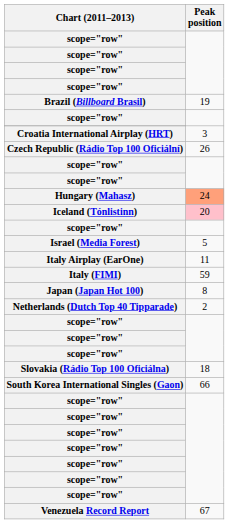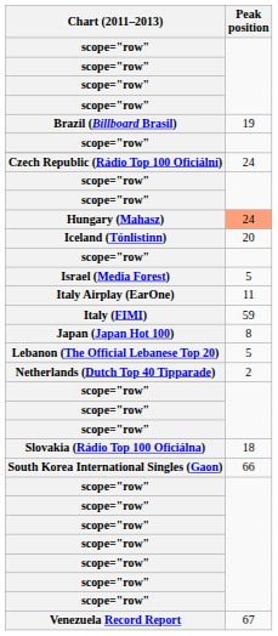 <table class="wikitable sortable plainrowheaders">
 <tr>
 <th scope="col">Chart (2011–2013)</th>
 <th scope="col">Peak<br>position</th>
 </tr>
 <tr>
 <th>scope="row"</th>
 </tr>
 <tr>
 <th>scope="row"</th>
 </tr>
 <tr>
 <th>scope="row"</th>
 </tr>
 <tr>
 <th>scope="row"</th>
 </tr>
 <tr>
 <th scope="row">Brazil (<a href='#'><em>Billboard</em> Brasil</a>)</th>
 <td style="text-align:center;">19</td>
 </tr>
 <tr>
 <th>scope="row"</th>
 </tr>
 <tr>
 </tr>
 <tr>
 </tr>
 <tr>
 </tr>
 <tr>
 </tr>
 <tr>
-<th scope="row">Croatia International Airplay (<a href='#'>HRT</a>)</th>
-<td style="text-align:center;">3</td>
-</tr>
-<tr>
 <th scope="row">Czech Republic (<a href='#'>Rádio Top 100 Oficiální</a>)</th>
-<td align="center">26</td>
+<td align="center">24</td>
 </tr>
 <tr>
 <th>scope="row"</th>
 </tr>
 <tr>
 <th>scope="row"</th>
 </tr>
 <tr>
 <th scope="row">Hungary (<a href='#'>Mahasz</a>)</th>
 <td align="center" style="background: lightsalmon;">24</td>
 </tr>
 <tr>
 <th scope="row">Iceland (<a href='#'>Tónlistinn</a>)</th>
-<td style="background: pink; text-align:center;">20</td>
+<td style="text-align:center;">20</td>
 </tr>
 <tr>
 <th>scope="row"</th>
 </tr>
 <tr>
 <th scope="row">Israel (<a href='#'>Media Forest</a>)</th>
 <td align="center">5</td>
 </tr>
 <tr>
 <th scope="row">Italy Airplay (EarOne)</th>
 <td style="text-align:center;">11</td>
 </tr>
 <tr>
 <th scope="row">Italy (<a href='#'>FIMI</a>)</th>
 <td align="center">59</td>
 </tr>
 <tr>
 <th scope="row">Japan (<a href='#'>Japan Hot 100</a>)</th>
 <td style="text-align:center;">8</td>
+</tr>
+<tr>
+<th scope="row">Lebanon (<a href='#'>The Official Lebanese Top 20</a>)</th>
+<td style="text-align:center;">5</td>
 </tr>
 <tr>
 <th scope="row">Netherlands (<a href='#'>Dutch Top 40 Tipparade</a>)</th>
 <td style="text-align:center;">2</td>
 </tr>
 <tr>
 <th>scope="row"</th>
 </tr>
 <tr>
 <th>scope="row"</th>
 </tr>
 <tr>
 <th>scope="row"</th>
 </tr>
 <tr>
 <th scope="row">Slovakia (<a href='#'>Rádio Top 100 Oficiálna</a>)</th>
 <td align="center">18</td>
 </tr>
 <tr>
 <th scope="row">South Korea International Singles (<a href='#'>Gaon</a>)</th>
 <td style="text-align:center;">66</td>
 </tr>
 <tr>
 <th>scope="row"</th>
 </tr>
 <tr>
 <th>scope="row"</th>
 </tr>
 <tr>
 <th>scope="row"</th>
 </tr>
 <tr>
 <th>scope="row"</th>
 </tr>
 <tr>
 <th>scope="row"</th>
 </tr>
 <tr>
 <th>scope="row"</th>
 </tr>
 <tr>
 <th>scope="row"</th>
 </tr>
 <tr>
 <th scope="row">Venezuela <a href='#'>Record Report</a></th>
 <td style="text-align:center;">67</td>
 </tr>
 </table>
